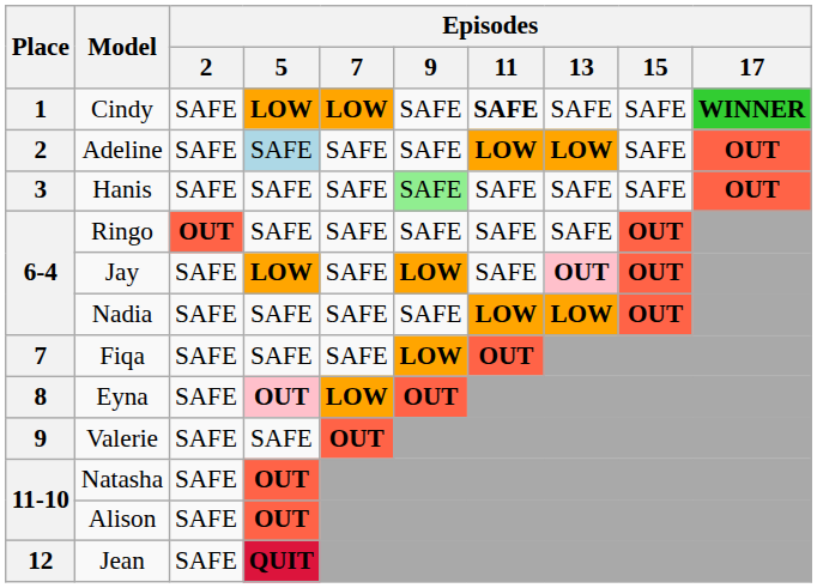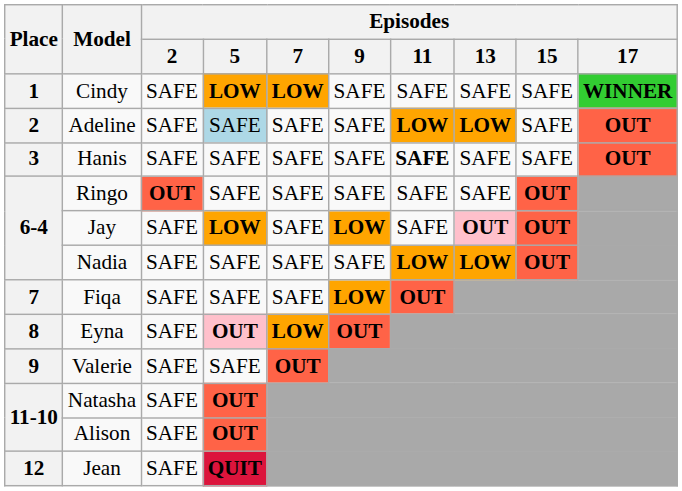 <table class="wikitable" style="text-align:center; font-size:92%">
 <tr>
 <th rowspan="2">Place</th>
 <th rowspan="2">Model</th>
 <th colspan="10">Episodes</th>
 </tr>
 <tr>
 <th>2</th>
 <th>5</th>
 <th>7</th>
 <th>9</th>
 <th>11</th>
 <th>13</th>
 <th>15</th>
 <th>17</th>
 </tr>
 <tr>
 <th>1</th>
 <td>Cindy</td>
 <td>SAFE</td>
 <td style="background:orange;"><strong>LOW</strong></td>
 <td style="background:orange;"><strong>LOW</strong></td>
 <td>SAFE</td>
-<td><strong>SAFE</strong></td>
+<td>SAFE</td>
 <td>SAFE</td>
 <td>SAFE</td>
 <td style="background:limegreen;"><strong>WINNER</strong></td>
 </tr>
 <tr>
 <th>2</th>
 <td>Adeline</td>
 <td>SAFE</td>
 <td style="background: lightblue;">SAFE</td>
 <td>SAFE</td>
 <td>SAFE</td>
 <td style="background:orange;"><strong>LOW</strong></td>
 <td style="background:orange;"><strong>LOW</strong></td>
 <td>SAFE</td>
 <td style="background:tomato;"><strong>OUT</strong></td>
 </tr>
 <tr>
 <th>3</th>
 <td>Hanis</td>
 <td>SAFE</td>
 <td>SAFE</td>
 <td>SAFE</td>
-<td style="background: lightgreen;">SAFE</td>
 <td>SAFE</td>
+<td><strong>SAFE</strong></td>
 <td>SAFE</td>
 <td>SAFE</td>
 <td style="background:tomato;"><strong>OUT</strong></td>
 </tr>
 <tr>
 <th rowspan=3>6-4</th>
 <td>Ringo</td>
 <td style="background:tomato;"><strong>OUT</strong></td>
 <td>SAFE</td>
 <td>SAFE</td>
 <td>SAFE</td>
 <td>SAFE</td>
 <td>SAFE</td>
 <td style="background:tomato;"><strong>OUT</strong></td>
 <td style="background:darkgrey;" colspan="12"></td>
 </tr>
 <tr>
 <td>Jay</td>
 <td>SAFE</td>
 <td style="background:orange;"><strong>LOW</strong></td>
 <td>SAFE</td>
 <td style="background:orange;"><strong>LOW</strong></td>
 <td>SAFE</td>
 <td style="background:pink;"><strong>OUT</strong></td>
 <td style="background:tomato;"><strong>OUT</strong></td>
 <td style="background:darkgrey;" colspan="12"></td>
 </tr>
 <tr>
 <td>Nadia</td>
 <td>SAFE</td>
 <td>SAFE</td>
 <td>SAFE</td>
 <td>SAFE</td>
 <td style="background:orange;"><strong>LOW</strong></td>
 <td style="background:orange;"><strong>LOW</strong></td>
 <td style="background:tomato;"><strong>OUT</strong></td>
 <td style="background:darkgrey;" colspan="12"></td>
 </tr>
 <tr>
 <th>7</th>
 <td>Fiqa</td>
 <td>SAFE</td>
 <td>SAFE</td>
 <td>SAFE</td>
 <td style="background:orange;"><strong>LOW</strong></td>
 <td style="background:tomato;"><strong>OUT</strong></td>
 <td style="background:darkgrey;" colspan="12"></td>
 </tr>
 <tr>
 <th>8</th>
 <td>Eyna</td>
 <td>SAFE</td>
 <td style="background:pink;"><strong>OUT</strong></td>
 <td style="background:orange;"><strong>LOW</strong></td>
 <td style="background:tomato;"><strong>OUT</strong></td>
 <td style="background:darkgrey;" colspan="12"></td>
 </tr>
 <tr>
 <th>9</th>
 <td>Valerie</td>
 <td>SAFE</td>
 <td>SAFE</td>
 <td style="background:tomato;"><strong>OUT</strong></td>
 <td style="background:darkgrey;" colspan="12"></td>
 </tr>
 <tr>
 <th rowspan=2>11-10</th>
 <td>Natasha</td>
 <td>SAFE</td>
 <td style="background:tomato;"><strong>OUT</strong></td>
 <td style="background:darkgrey;" colspan="12"></td>
 </tr>
 <tr>
 <td>Alison</td>
 <td>SAFE</td>
 <td style="background:tomato;"><strong>OUT</strong></td>
 <td style="background:darkgrey;" colspan="12"></td>
 </tr>
 <tr>
 <th>12</th>
 <td>Jean</td>
 <td>SAFE</td>
 <td style="background:crimson;"><span><strong>QUIT</strong></span></td>
 <td style="background:darkgrey;" colspan="12"></td>
 </tr>
 </table>
